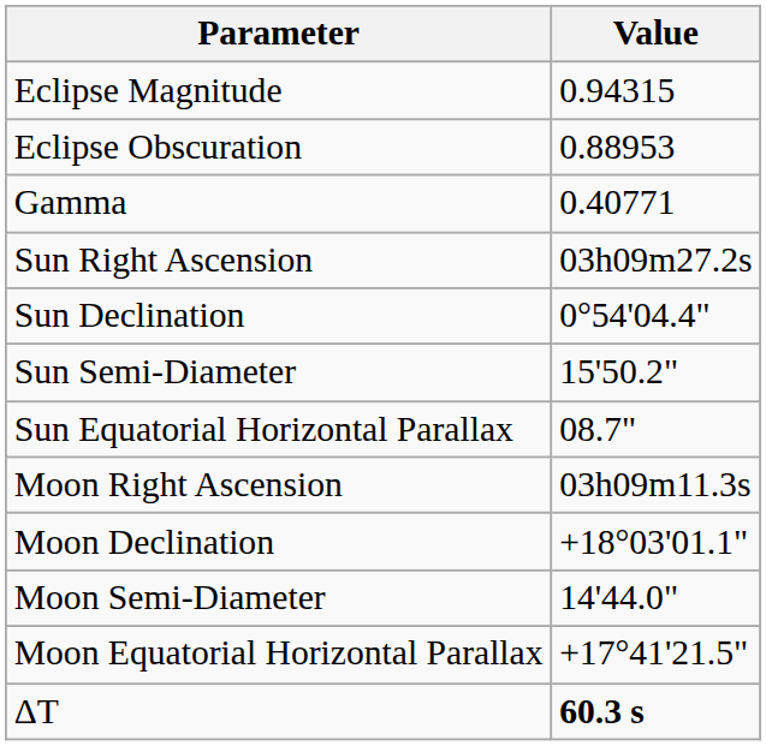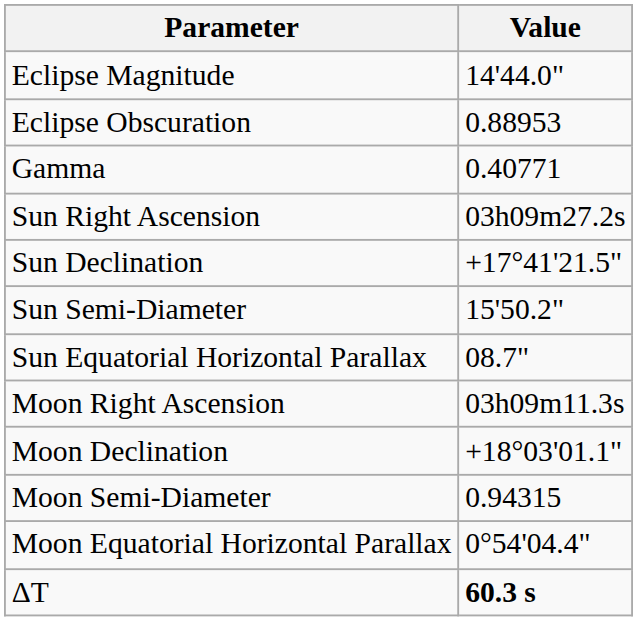 <table class="wikitable">
 <tr>
 <th>Parameter</th>
 <th>Value</th>
 </tr>
 <tr>
 <td>Eclipse Magnitude</td>
-<td>0.94315</td>
+<td>14'44.0"</td>
 </tr>
 <tr>
 <td>Eclipse Obscuration</td>
 <td>0.88953</td>
 </tr>
 <tr>
 <td>Gamma</td>
 <td>0.40771</td>
 </tr>
 <tr>
 <td>Sun Right Ascension</td>
 <td>03h09m27.2s</td>
 </tr>
 <tr>
 <td>Sun Declination</td>
-<td>0°54'04.4"</td>
+<td>+17°41'21.5"</td>
 </tr>
 <tr>
 <td>Sun Semi-Diameter</td>
 <td>15'50.2"</td>
 </tr>
 <tr>
 <td>Sun Equatorial Horizontal Parallax</td>
 <td>08.7"</td>
 </tr>
 <tr>
 <td>Moon Right Ascension</td>
 <td>03h09m11.3s</td>
 </tr>
 <tr>
 <td>Moon Declination</td>
 <td>+18°03'01.1"</td>
 </tr>
 <tr>
 <td>Moon Semi-Diameter</td>
-<td>14'44.0"</td>
+<td>0.94315</td>
 </tr>
 <tr>
 <td>Moon Equatorial Horizontal Parallax</td>
-<td>+17°41'21.5"</td>
+<td>0°54'04.4"</td>
 </tr>
 <tr>
 <td>ΔT</td>
 <td><strong>60.3 s</strong></td>
 </tr>
 </table>
